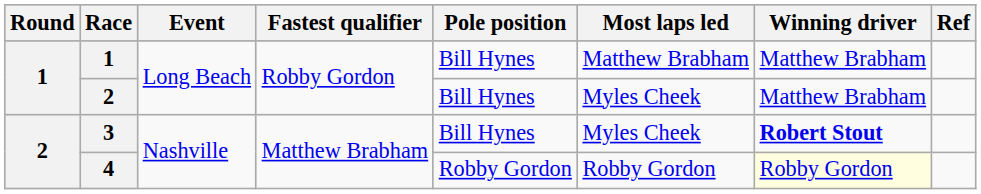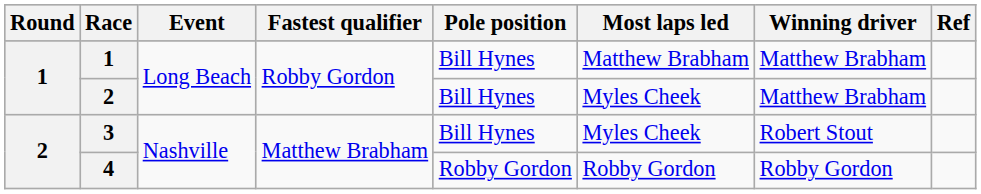 <table class="wikitable" style="font-size: 85%;">
 <tr>
 <th>Round</th>
 <th>Race</th>
 <th>Event</th>
 <th>Fastest qualifier</th>
 <th>Pole position</th>
 <th>Most laps led</th>
 <th>Winning driver</th>
 <th>Ref</th>
 </tr>
 <tr>
 <th rowspan=2>1</th>
 <th>1</th>
 <td rowspan=2><a href='#'>Long Beach</a></td>
 <td rowspan=2> <a href='#'>Robby Gordon</a></td>
 <td> <a href='#'>Bill Hynes</a></td>
 <td> <a href='#'>Matthew Brabham</a></td>
 <td> <a href='#'>Matthew Brabham</a></td>
 <td></td>
 </tr>
 <tr>
 <th>2</th>
 <td> <a href='#'>Bill Hynes</a></td>
 <td> <a href='#'>Myles Cheek</a></td>
 <td> <a href='#'>Matthew Brabham</a></td>
 <td></td>
 </tr>
 <tr>
 <th rowspan=2>2</th>
 <th>3</th>
 <td rowspan=2><a href='#'>Nashville</a></td>
 <td rowspan=2> <a href='#'>Matthew Brabham</a></td>
 <td> <a href='#'>Bill Hynes</a></td>
 <td> <a href='#'>Myles Cheek</a></td>
-<td><strong> <a href='#'>Robert Stout</a></strong></td>
+<td> <a href='#'>Robert Stout</a></td>
 <td></td>
 </tr>
 <tr>
 <th>4</th>
 <td> <a href='#'>Robby Gordon</a></td>
 <td> <a href='#'>Robby Gordon</a></td>
-<td style="background: lightyellow;"> <a href='#'>Robby Gordon</a></td>
+<td> <a href='#'>Robby Gordon</a></td>
 <td></td>
 </tr>
 </table>
